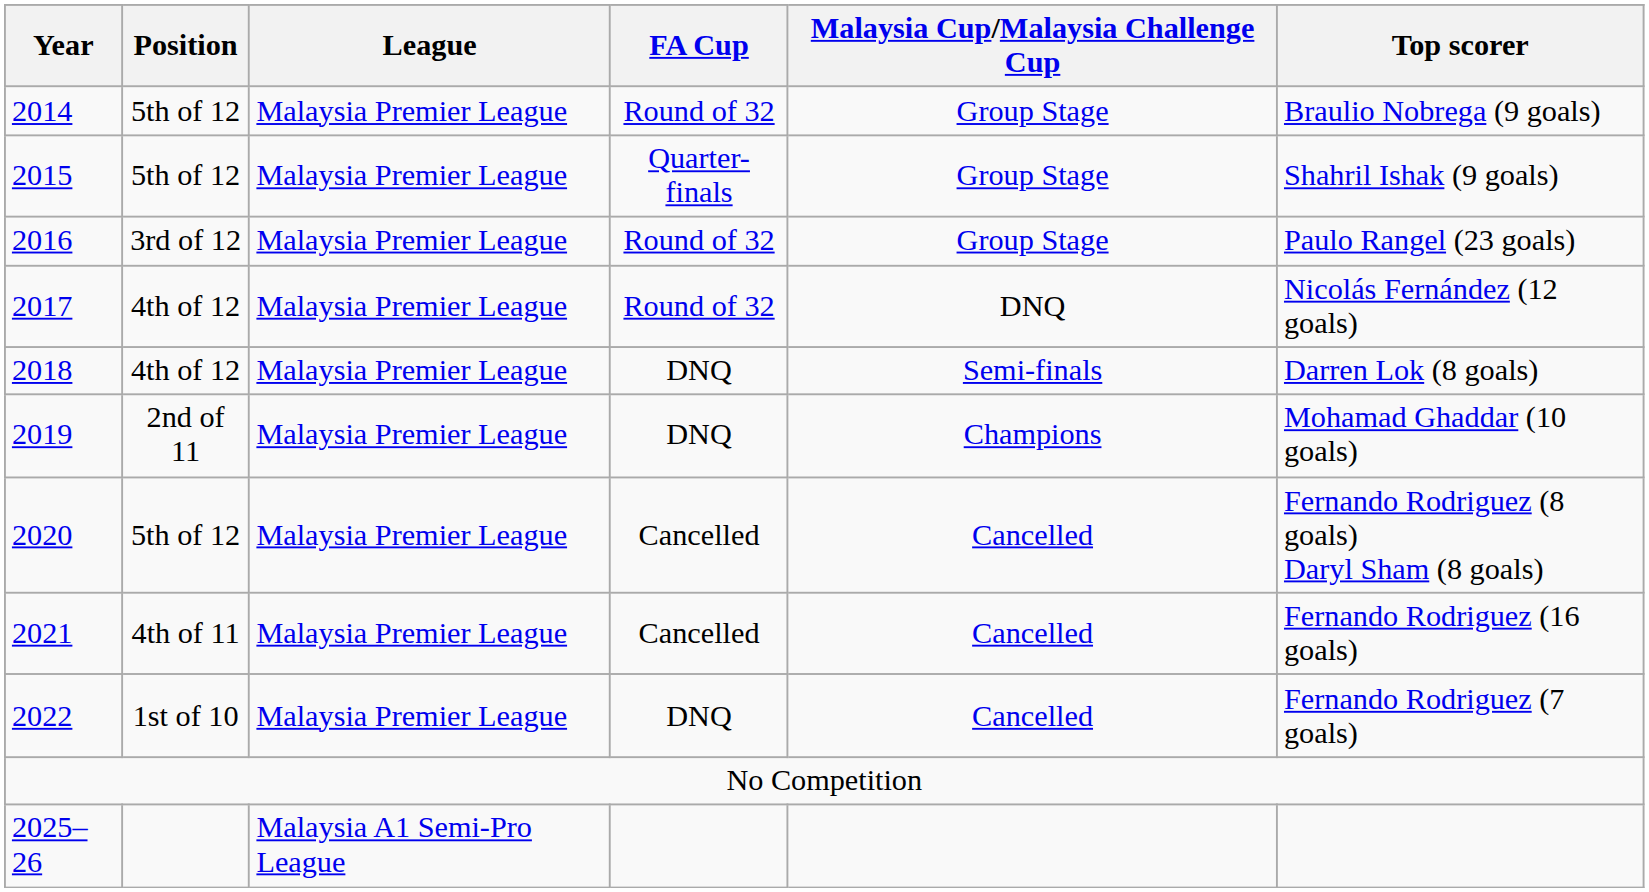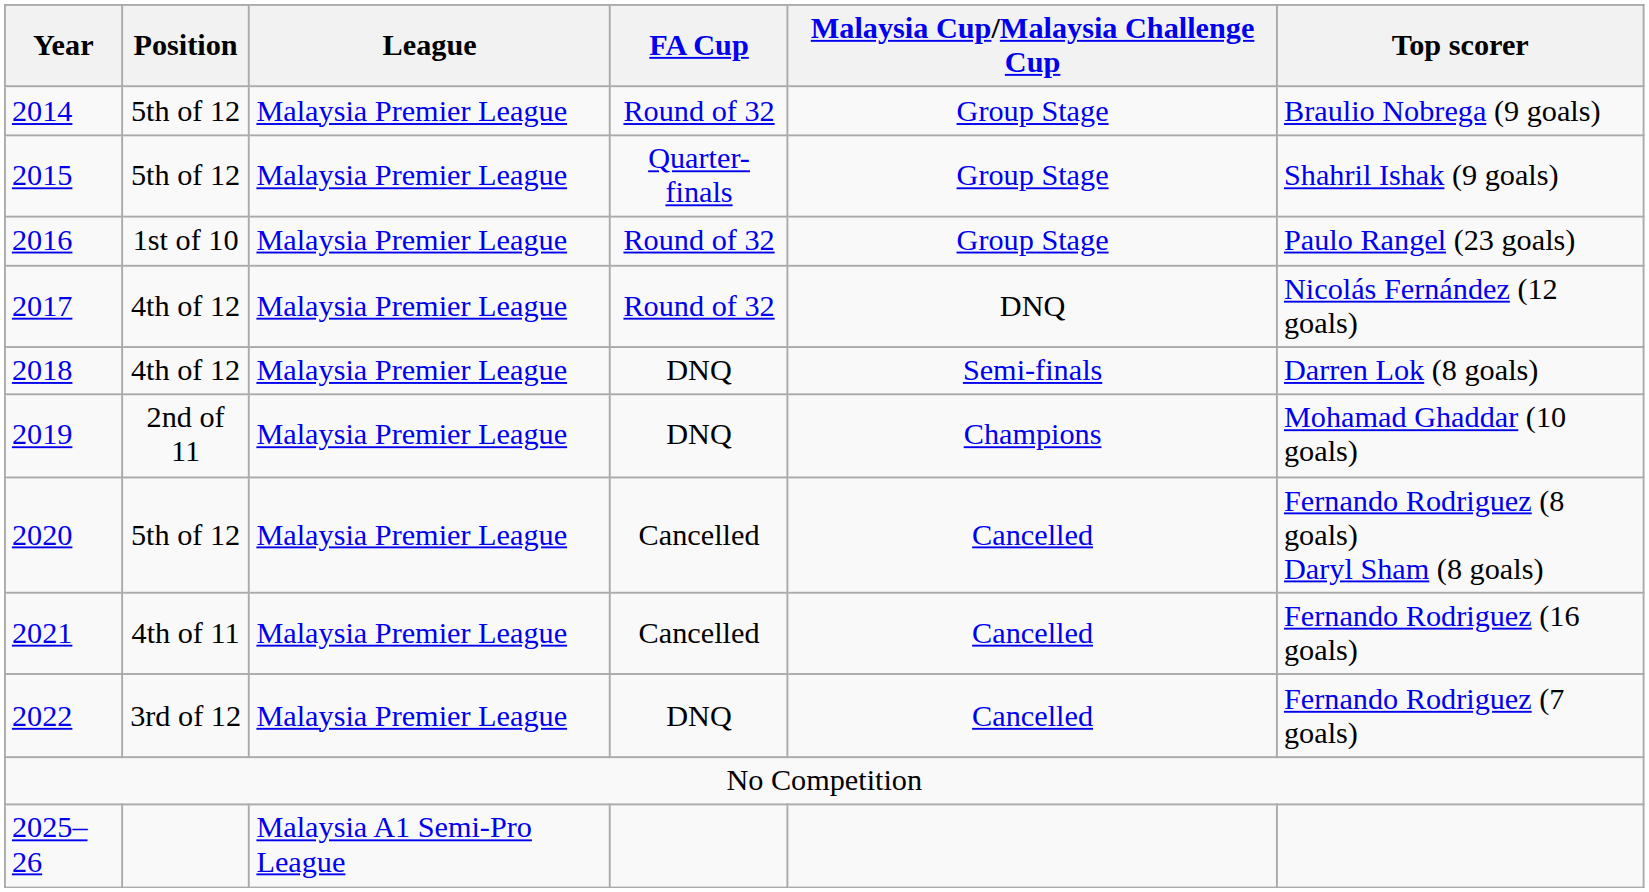 <table class="wikitable float-right">
 <tr>
 <th>Year</th>
 <th>Position</th>
 <th>League</th>
 <th><a href='#'>FA Cup</a></th>
 <th><a href='#'>Malaysia Cup</a>/<a href='#'>Malaysia Challenge Cup</a></th>
 <th>Top scorer</th>
 </tr>
 <tr>
 <td><a href='#'>2014</a></td>
 <td style="vertical-align:middle; text-align:center;">5th of 12</td>
 <td style="vertical-align:middle; text-align:centre;"><a href='#'>Malaysia Premier League</a></td>
 <td style="vertical-align:middle; text-align:center;"><a href='#'>Round of 32</a></td>
 <td style="vertical-align:middle; text-align:center;"><a href='#'>Group Stage</a></td>
 <td style="vertical-align:middle; text-align:left;"> <a href='#'>Braulio Nobrega</a> (9 goals)</td>
 </tr>
 <tr>
 <td><a href='#'>2015</a></td>
 <td style="vertical-align:middle; text-align:center;">5th of 12</td>
 <td style="vertical-align:middle; text-align:centre;"><a href='#'>Malaysia Premier League</a></td>
 <td style="vertical-align:middle; text-align:center;"><a href='#'>Quarter-finals</a></td>
 <td style="vertical-align:middle; text-align:center;"><a href='#'>Group Stage</a></td>
 <td style="vertical-align:middle; text-align:left;"> <a href='#'>Shahril Ishak</a> (9 goals)</td>
 </tr>
 <tr>
 <td><a href='#'>2016</a></td>
-<td style="vertical-align:middle; text-align:center;">3rd of 12</td>
+<td style="vertical-align:middle; text-align:center;">1st of 10</td>
 <td style="vertical-align:middle; text-align:centre;"><a href='#'>Malaysia Premier League</a></td>
 <td style="vertical-align:middle; text-align:center;"><a href='#'>Round of 32</a></td>
 <td style="vertical-align:middle; text-align:center;"><a href='#'>Group Stage</a></td>
 <td style="vertical-align:middle; text-align:left;"> <a href='#'>Paulo Rangel</a> (23 goals)</td>
 </tr>
 <tr>
 <td><a href='#'>2017</a></td>
 <td style="vertical-align:middle; text-align:center;">4th of 12</td>
 <td style="vertical-align:middle; text-align:centre;"><a href='#'>Malaysia Premier League</a></td>
 <td style="vertical-align:middle; text-align:center;"><a href='#'>Round of 32</a></td>
 <td style="vertical-align:middle; text-align:center;">DNQ</td>
 <td style="vertical-align:middle; text-align:left;"> <a href='#'>Nicolás Fernández</a> (12 goals)</td>
 </tr>
 <tr>
 <td><a href='#'>2018</a></td>
 <td style="vertical-align:middle; text-align:center;">4th of 12</td>
 <td style="vertical-align:middle; text-align:centre;"><a href='#'>Malaysia Premier League</a></td>
 <td style="vertical-align:middle; text-align:center;">DNQ</td>
 <td style="vertical-align:middle; text-align:center;"><a href='#'>Semi-finals</a></td>
 <td style="vertical-align:middle; text-align:left;"> <a href='#'>Darren Lok</a> (8 goals)</td>
 </tr>
 <tr>
 <td><a href='#'>2019</a></td>
 <td style="vertical-align:middle; text-align:center;">2nd of 11</td>
 <td style="vertical-align:middle; text-align:centre;"><a href='#'>Malaysia Premier League</a></td>
 <td style="vertical-align:middle; text-align:center;">DNQ</td>
 <td style="vertical-align:middle; text-align:center;"><a href='#'>Champions</a></td>
 <td style="vertical-align:middle; text-align:left;"> <a href='#'>Mohamad Ghaddar</a> (10 goals)</td>
 </tr>
 <tr>
 <td><a href='#'>2020</a></td>
 <td style="vertical-align:middle; text-align:center;">5th of 12</td>
 <td style="vertical-align:middle; text-align:centre;"><a href='#'>Malaysia Premier League</a></td>
 <td style="vertical-align:middle; text-align:center;">Cancelled</td>
 <td style="vertical-align:middle; text-align:center;"><a href='#'>Cancelled</a></td>
 <td style="vertical-align:middle; text-align:left;"> <a href='#'>Fernando Rodriguez</a> (8 goals)<br> <a href='#'>Daryl Sham</a> (8 goals)</td>
 </tr>
 <tr>
 <td><a href='#'>2021</a></td>
 <td style="vertical-align:middle; text-align:center;">4th of 11</td>
 <td style="vertical-align:middle; text-align:centre;"><a href='#'>Malaysia Premier League</a></td>
 <td style="vertical-align:middle; text-align:center;">Cancelled</td>
 <td style="vertical-align:middle; text-align:center;"><a href='#'>Cancelled</a></td>
 <td style="vertical-align:middle; text-align:left;"> <a href='#'>Fernando Rodriguez</a> (16 goals)</td>
 </tr>
 <tr>
 <td><a href='#'>2022</a></td>
-<td style="vertical-align:middle; text-align:center;">1st of 10</td>
+<td style="vertical-align:middle; text-align:center;">3rd of 12</td>
 <td style="vertical-align:middle; text-align:centre;"><a href='#'>Malaysia Premier League</a></td>
 <td style="vertical-align:middle; text-align:center;">DNQ</td>
 <td style="vertical-align:middle; text-align:center;"><a href='#'>Cancelled</a></td>
 <td style="vertical-align:middle; text-align:left;"> <a href='#'>Fernando Rodriguez</a> (7 goals)</td>
 </tr>
 <tr>
 <td colspan="6" style="vertical-align:middle; text-align:center;">No Competition</td>
 </tr>
 <tr>
 <td><a href='#'>2025–26</a></td>
 <td style="vertical-align:middle; text-align:center;"></td>
 <td style="vertical-align:middle; text-align:centre;"><a href='#'>Malaysia A1 Semi-Pro League</a></td>
 <td style="vertical-align:middle; text-align:center;"></td>
 <td style="vertical-align:middle; text-align:center;"></td>
 <td style="vertical-align:middle; text-align:left;"></td>
 </tr>
 </table>
